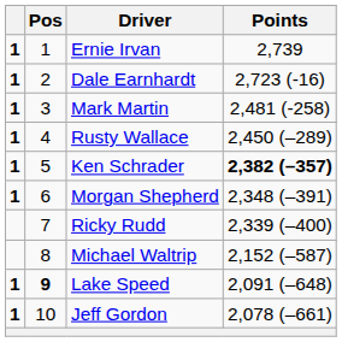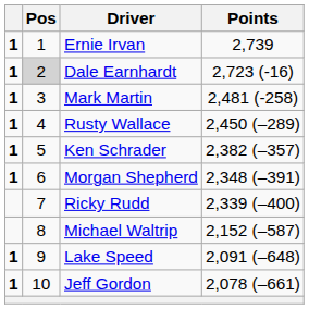 <table class="wikitable" style="font-size: 95%;">
 <tr>
 <th></th>
 <th>Pos</th>
 <th>Driver</th>
 <th>Points</th>
 </tr>
 <tr>
 <td align="left"> <strong>1</strong></td>
 <td style="text-align:center;">1</td>
 <td><a href='#'>Ernie Irvan</a></td>
 <td style="text-align:center;">2,739</td>
 </tr>
 <tr>
 <td align="left"> <strong>1</strong></td>
-<td style="text-align:center;">2</td>
+<td style="background: lightgrey; text-align:center;">2</td>
 <td><a href='#'>Dale Earnhardt</a></td>
 <td style="text-align:center;">2,723 (-16)</td>
 </tr>
 <tr>
 <td align="left"> <strong>1</strong></td>
 <td style="text-align:center;">3</td>
 <td><a href='#'>Mark Martin</a></td>
 <td style="text-align:center;">2,481 (-258)</td>
 </tr>
 <tr>
 <td align="left"> <strong>1</strong></td>
 <td style="text-align:center;">4</td>
 <td><a href='#'>Rusty Wallace</a></td>
 <td style="text-align:center;">2,450 (–289)</td>
 </tr>
 <tr>
 <td align="left"> <strong>1</strong></td>
 <td style="text-align:center;">5</td>
 <td><a href='#'>Ken Schrader</a></td>
-<td style="text-align:center;"><strong>2,382 (–357)</strong></td>
+<td style="text-align:center;">2,382 (–357)</td>
 </tr>
 <tr>
 <td align="left"> <strong>1</strong></td>
 <td style="text-align:center;">6</td>
 <td><a href='#'>Morgan Shepherd</a></td>
 <td style="text-align:center;">2,348 (–391)</td>
 </tr>
 <tr>
 <td align="left"></td>
 <td style="text-align:center;">7</td>
 <td><a href='#'>Ricky Rudd</a></td>
 <td style="text-align:center;">2,339 (–400)</td>
 </tr>
 <tr>
 <td align="left"></td>
 <td style="text-align:center;">8</td>
 <td><a href='#'>Michael Waltrip</a></td>
 <td style="text-align:center;">2,152 (–587)</td>
 </tr>
 <tr>
 <td align="left"> <strong>1</strong></td>
-<td style="text-align:center;"><strong>9</strong></td>
+<td style="text-align:center;">9</td>
 <td><a href='#'>Lake Speed</a></td>
 <td style="text-align:center;">2,091 (–648)</td>
 </tr>
 <tr>
 <td align="left"> <strong>1</strong></td>
 <td style="text-align:center;">10</td>
 <td><a href='#'>Jeff Gordon</a></td>
 <td style="text-align:center;">2,078 (–661)</td>
 </tr>
 <tr class="sortbottom">
 <th colspan="9"></th>
 </tr>
 </table>
